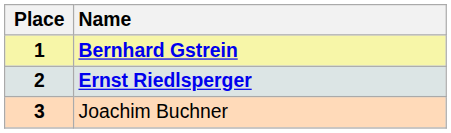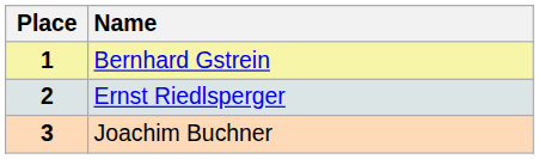 <table class="wikitable" style="text-align:center">
 <tr>
 <th width="50">Place</th>
 <th width="300" style="text-align:left">Name</th>
 </tr>
 <tr bgcolor="#F7F6A8">
 <td><strong>1</strong></td>
-<td align="left"><strong><a href='#'>Bernhard Gstrein</a></strong></td>
+<td align="left"><a href='#'>Bernhard Gstrein</a></td>
 </tr>
 <tr bgcolor="#DCE5E5">
 <td><strong>2</strong></td>
-<td align="left"><strong><a href='#'>Ernst Riedlsperger</a></strong></td>
+<td align="left"><a href='#'>Ernst Riedlsperger</a></td>
 </tr>
 <tr bgcolor="#FFDAB9">
 <td><strong>3</strong></td>
 <td align="left">Joachim Buchner</td>
 </tr>
 </table>
